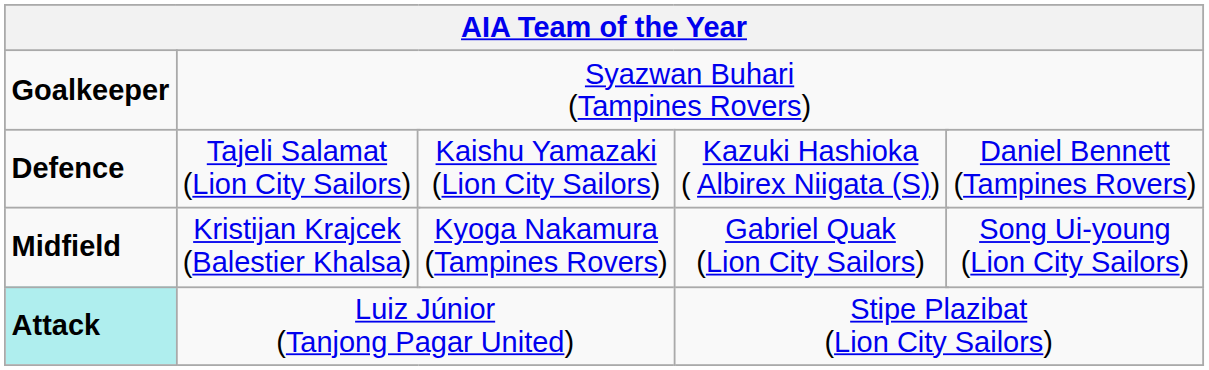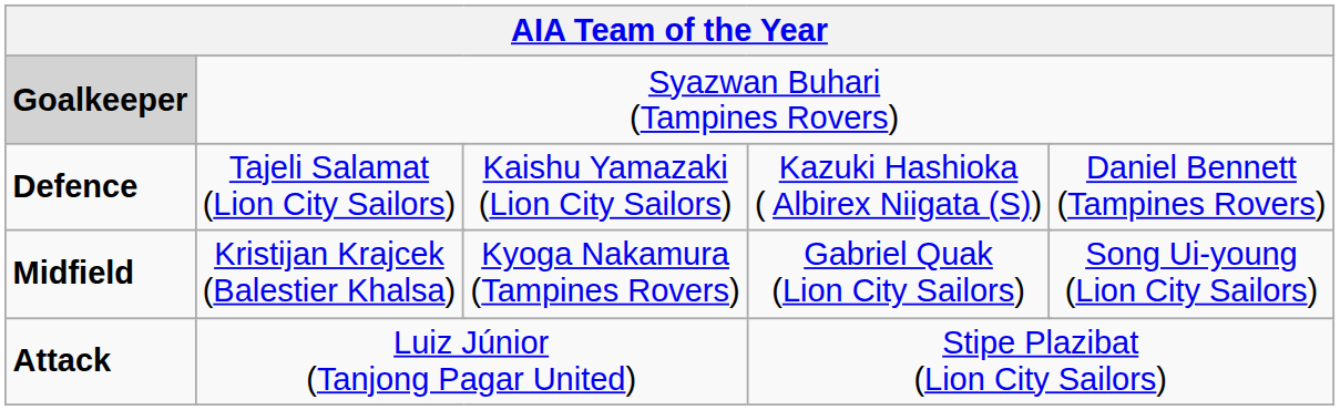 <table class="wikitable">
 <tr>
 <th colspan="13"><a href='#'>AIA Team of the Year</a></th>
 </tr>
 <tr>
-<td><strong>Goalkeeper</strong></td>
+<td style="background: lightgrey;"><strong>Goalkeeper</strong></td>
 <td colspan="12" align="center"> <a href='#'>Syazwan Buhari</a> <br> (<a href='#'>Tampines Rovers</a>)</td>
 </tr>
 <tr>
 <td><strong>Defence</strong></td>
 <td colspan="3" align="center"> <a href='#'>Tajeli Salamat</a> <br> (<a href='#'>Lion City Sailors</a>)</td>
 <td colspan="3" align="center"> <a href='#'>Kaishu Yamazaki</a> <br> (<a href='#'>Lion City Sailors</a>)</td>
 <td colspan="3" align="center"> <a href='#'>Kazuki Hashioka</a> <br> ( <a href='#'>Albirex Niigata (S)</a>)</td>
 <td colspan="3" align="center"> <a href='#'>Daniel Bennett</a> <br> (<a href='#'>Tampines Rovers</a>)</td>
 </tr>
 <tr>
 <td><strong>Midfield</strong></td>
 <td colspan="3" align="center"> <a href='#'>Kristijan Krajcek</a> <br> (<a href='#'>Balestier Khalsa</a>)</td>
 <td colspan="3" align="center"> <a href='#'>Kyoga Nakamura</a> <br> (<a href='#'>Tampines Rovers</a>)</td>
 <td colspan="3" align="center"> <a href='#'>Gabriel Quak</a> <br> (<a href='#'>Lion City Sailors</a>)</td>
 <td colspan="3" align="center"> <a href='#'>Song Ui-young</a> <br> (<a href='#'>Lion City Sailors</a>)</td>
 </tr>
 <tr>
-<td style="background: paleturquoise;"><strong>Attack</strong></td>
+<td><strong>Attack</strong></td>
 <td colspan="6" align="center"> <a href='#'>Luiz Júnior</a> <br> (<a href='#'>Tanjong Pagar United</a>)</td>
 <td colspan="6" align="center"> <a href='#'>Stipe Plazibat</a> <br> (<a href='#'>Lion City Sailors</a>)</td>
 </tr>
 </table>
